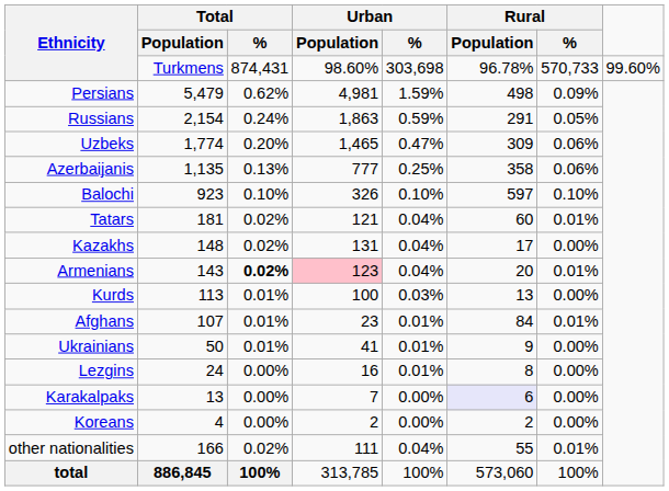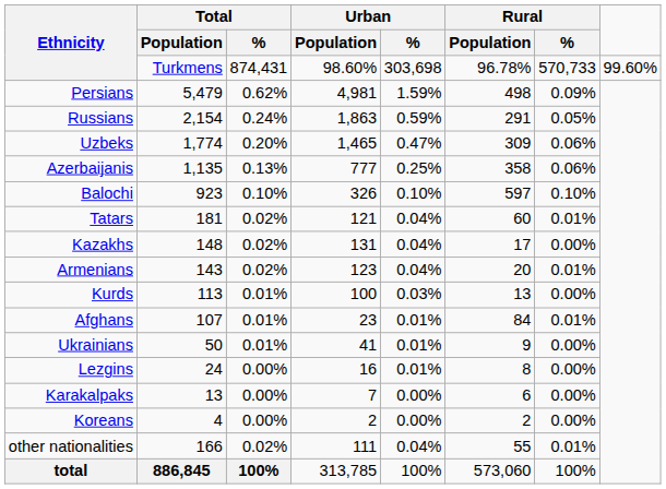 <table class="wikitable sortable" style="text-align:right">
 <tr>
 <th rowspan="3"><a href='#'>Ethnicity</a></th>
 <th colspan="2">Total</th>
 <th colspan="2">Urban</th>
 <th colspan="2">Rural</th>
 </tr>
 <tr>
 <th>Population</th>
 <th>%</th>
 <th>Population</th>
 <th>%</th>
 <th>Population</th>
 <th>%</th>
 </tr>
 <tr>
 <td><a href='#'>Turkmens</a></td>
 <td>874,431</td>
 <td>98.60%</td>
 <td>303,698</td>
 <td>96.78%</td>
 <td>570,733</td>
 <td>99.60%</td>
 </tr>
 <tr>
 <td><a href='#'>Persians</a></td>
 <td>5,479</td>
 <td>0.62%</td>
 <td>4,981</td>
 <td>1.59%</td>
 <td>498</td>
 <td>0.09%</td>
 </tr>
 <tr>
 <td><a href='#'>Russians</a></td>
 <td>2,154</td>
 <td>0.24%</td>
 <td>1,863</td>
 <td>0.59%</td>
 <td>291</td>
 <td>0.05%</td>
 </tr>
 <tr>
 <td><a href='#'>Uzbeks</a></td>
 <td>1,774</td>
 <td>0.20%</td>
 <td>1,465</td>
 <td>0.47%</td>
 <td>309</td>
 <td>0.06%</td>
 </tr>
 <tr>
 <td><a href='#'>Azerbaijanis</a></td>
 <td>1,135</td>
 <td>0.13%</td>
 <td>777</td>
 <td>0.25%</td>
 <td>358</td>
 <td>0.06%</td>
 </tr>
 <tr>
 <td><a href='#'>Balochi</a></td>
 <td>923</td>
 <td>0.10%</td>
 <td>326</td>
 <td>0.10%</td>
 <td>597</td>
 <td>0.10%</td>
 </tr>
 <tr>
 <td><a href='#'>Tatars</a></td>
 <td>181</td>
 <td>0.02%</td>
 <td>121</td>
 <td>0.04%</td>
 <td>60</td>
 <td>0.01%</td>
 </tr>
 <tr>
 <td><a href='#'>Kazakhs</a></td>
 <td>148</td>
 <td>0.02%</td>
 <td>131</td>
 <td>0.04%</td>
 <td>17</td>
 <td>0.00%</td>
 </tr>
 <tr>
 <td><a href='#'>Armenians</a></td>
 <td>143</td>
-<td><strong>0.02%</strong></td>
-<td style="background: pink;">123</td>
+<td>0.02%</td>
+<td>123</td>
 <td>0.04%</td>
 <td>20</td>
 <td>0.01%</td>
 </tr>
 <tr>
 <td><a href='#'>Kurds</a></td>
 <td>113</td>
 <td>0.01%</td>
 <td>100</td>
 <td>0.03%</td>
 <td>13</td>
 <td>0.00%</td>
 </tr>
 <tr>
 <td><a href='#'>Afghans</a></td>
 <td>107</td>
 <td>0.01%</td>
 <td>23</td>
 <td>0.01%</td>
 <td>84</td>
 <td>0.01%</td>
 </tr>
 <tr>
 <td><a href='#'>Ukrainians</a></td>
 <td>50</td>
 <td>0.01%</td>
 <td>41</td>
 <td>0.01%</td>
 <td>9</td>
 <td>0.00%</td>
 </tr>
 <tr>
 <td><a href='#'>Lezgins</a></td>
 <td>24</td>
 <td>0.00%</td>
 <td>16</td>
 <td>0.01%</td>
 <td>8</td>
 <td>0.00%</td>
 </tr>
 <tr>
 <td><a href='#'>Karakalpaks</a></td>
 <td>13</td>
 <td>0.00%</td>
 <td>7</td>
 <td>0.00%</td>
-<td style="background: lavender;">6</td>
+<td>6</td>
 <td>0.00%</td>
 </tr>
 <tr>
 <td><a href='#'>Koreans</a></td>
 <td>4</td>
 <td>0.00%</td>
 <td>2</td>
 <td>0.00%</td>
 <td>2</td>
 <td>0.00%</td>
 </tr>
 <tr>
 <td>other nationalities</td>
 <td>166</td>
 <td>0.02%</td>
 <td>111</td>
 <td>0.04%</td>
 <td>55</td>
 <td>0.01%</td>
 </tr>
 <tr class="sortbottom">
 <th>total</th>
 <th><strong>886,845</strong></th>
 <th>100%</th>
 <td>313,785</td>
 <td>100%</td>
 <td>573,060</td>
 <td>100%</td>
 </tr>
 </table>
